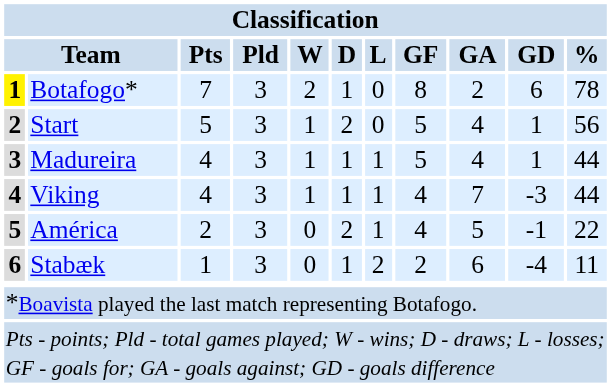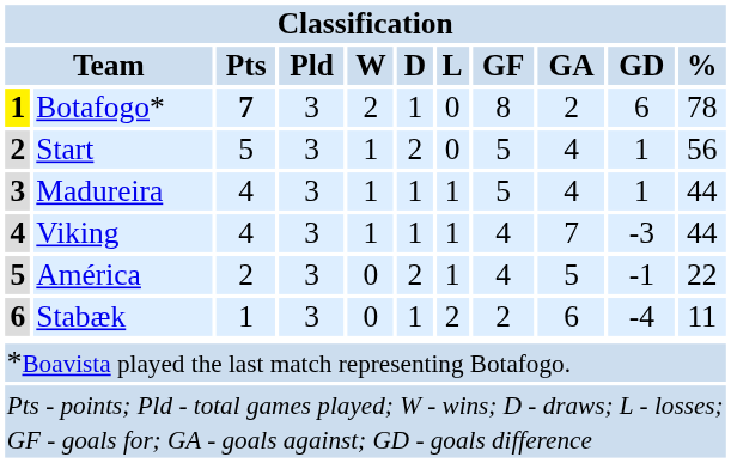 <table>
 <tr>
 <th colspan="11" bgcolor=#CCDDEE>Classification</th>
 </tr>
 <tr>
 <th colspan="2" bgcolor=#CCDDEE>Team</th>
 <th bgcolor=#CCDDEE align="center">Pts</th>
 <th bgcolor=#CCDDEE align="center">Pld</th>
 <th bgcolor=#CCDDEE align="center">W</th>
 <th bgcolor=#CCDDEE align="center">D</th>
 <th bgcolor=#CCDDEE align="center">L</th>
 <th bgcolor=#CCDDEE align="center">GF</th>
 <th bgcolor=#CCDDEE align="center">GA</th>
 <th bgcolor=#CCDDEE align="center">GD</th>
 <th bgcolor=#CCDDEE align="center">%</th>
 </tr>
 <tr>
 <th bgcolor=#fff200 align="center"><span>1</span></th>
 <td bgcolor=#DDEEFF><a href='#'>Botafogo</a>*</td>
-<td bgcolor=#DDEEFF align="center">7</td>
+<td bgcolor=#DDEEFF align="center"><strong>7</strong></td>
 <td bgcolor=#DDEEFF align="center">3</td>
 <td bgcolor=#DDEEFF align="center">2</td>
 <td bgcolor=#DDEEFF align="center">1</td>
 <td bgcolor=#DDEEFF align="center">0</td>
 <td bgcolor=#DDEEFF align="center">8</td>
 <td bgcolor=#DDEEFF align="center">2</td>
 <td bgcolor=#DDEEFF align="center">6</td>
 <td bgcolor=#DDEEFF align="center">78</td>
 </tr>
 <tr>
 <th bgcolor=#DCDCDC align="center"><span>2</span></th>
 <td bgcolor=#DDEEFF><a href='#'>Start</a></td>
 <td bgcolor=#DDEEFF align="center">5</td>
 <td bgcolor=#DDEEFF align="center">3</td>
 <td bgcolor=#DDEEFF align="center">1</td>
 <td bgcolor=#DDEEFF align="center">2</td>
 <td bgcolor=#DDEEFF align="center">0</td>
 <td bgcolor=#DDEEFF align="center">5</td>
 <td bgcolor=#DDEEFF align="center">4</td>
 <td bgcolor=#DDEEFF align="center">1</td>
 <td bgcolor=#DDEEFF align="center">56</td>
 </tr>
 <tr>
 <th bgcolor=#DCDCDC align="center"><span>3</span></th>
 <td bgcolor=#DDEEFF><a href='#'>Madureira</a></td>
 <td bgcolor=#DDEEFF align="center">4</td>
 <td bgcolor=#DDEEFF align="center">3</td>
 <td bgcolor=#DDEEFF align="center">1</td>
 <td bgcolor=#DDEEFF align="center">1</td>
 <td bgcolor=#DDEEFF align="center">1</td>
 <td bgcolor=#DDEEFF align="center">5</td>
 <td bgcolor=#DDEEFF align="center">4</td>
 <td bgcolor=#DDEEFF align="center">1</td>
 <td bgcolor=#DDEEFF align="center">44</td>
 </tr>
 <tr>
 <th bgcolor=#DCDCDC align="center"><span>4</span></th>
 <td bgcolor=#DDEEFF><a href='#'>Viking</a></td>
 <td bgcolor=#DDEEFF align="center">4</td>
 <td bgcolor=#DDEEFF align="center">3</td>
 <td bgcolor=#DDEEFF align="center">1</td>
 <td bgcolor=#DDEEFF align="center">1</td>
 <td bgcolor=#DDEEFF align="center">1</td>
 <td bgcolor=#DDEEFF align="center">4</td>
 <td bgcolor=#DDEEFF align="center">7</td>
 <td bgcolor=#DDEEFF align="center">-3</td>
 <td bgcolor=#DDEEFF align="center">44</td>
 </tr>
 <tr>
 <th bgcolor=#DCDCDC align="center"><span>5</span></th>
 <td bgcolor=#DDEEFF><a href='#'>América</a></td>
 <td bgcolor=#DDEEFF align="center">2</td>
 <td bgcolor=#DDEEFF align="center">3</td>
 <td bgcolor=#DDEEFF align="center">0</td>
 <td bgcolor=#DDEEFF align="center">2</td>
 <td bgcolor=#DDEEFF align="center">1</td>
 <td bgcolor=#DDEEFF align="center">4</td>
 <td bgcolor=#DDEEFF align="center">5</td>
 <td bgcolor=#DDEEFF align="center">-1</td>
 <td bgcolor=#DDEEFF align="center">22</td>
 </tr>
 <tr>
 <th bgcolor=#DCDCDC align="center"><span>6</span></th>
 <td bgcolor=#DDEEFF><a href='#'>Stabæk</a></td>
 <td bgcolor=#DDEEFF align="center">1</td>
 <td bgcolor=#DDEEFF align="center">3</td>
 <td bgcolor=#DDEEFF align="center">0</td>
 <td bgcolor=#DDEEFF align="center">1</td>
 <td bgcolor=#DDEEFF align="center">2</td>
 <td bgcolor=#DDEEFF align="center">2</td>
 <td bgcolor=#DDEEFF align="center">6</td>
 <td bgcolor=#DDEEFF align="center">-4</td>
 <td bgcolor=#DDEEFF align="center">11</td>
 </tr>
 <tr>
 </tr>
 <tr bgcolor=#CCDDEE>
 <td colspan="11">*<small><a href='#'>Boavista</a> played the last match representing Botafogo.</small></td>
 </tr>
 <tr bgcolor=#CCDDEE>
 <td colspan="11"><small><em>Pts - points; Pld - total games played; W - wins; D - draws; L - losses;<br> GF - goals for; GA - goals against; GD - goals difference</em></small></td>
 </tr>
 </table>
